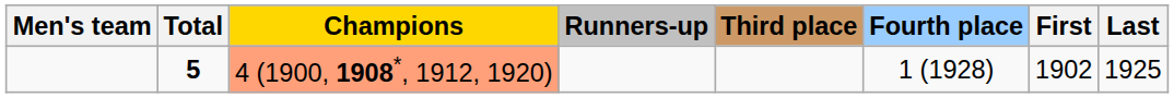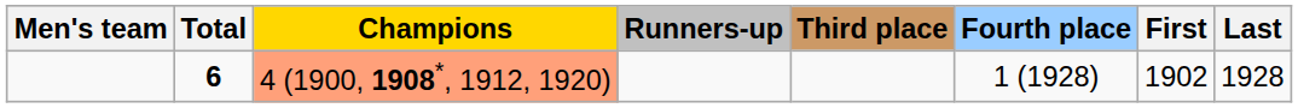 <table class="wikitable" style="text-align: center; font-size: 90%; margin-left: 1em;">
 <tr>
 <th>Men's team</th>
 <th>Total</th>
 <th style="background-color: gold;">Champions</th>
 <th style="background-color: silver;">Runners-up</th>
 <th style="background-color: #cc9966;">Third place</th>
 <th style="background-color: #9acdff;">Fourth place</th>
 <th>First</th>
 <th>Last</th>
 </tr>
 <tr>
 <td style="text-align: left;"></td>
-<td><strong>5</strong></td>
+<td><strong>6</strong></td>
 <td style="background: lightsalmon;">4 (1900, <strong>1908</strong><sup>*</sup>, 1912, 1920)</td>
 <td></td>
 <td></td>
 <td>1 (1928)</td>
 <td>1902</td>
-<td>1925</td>
+<td>1928</td>
 </tr>
 </table>
